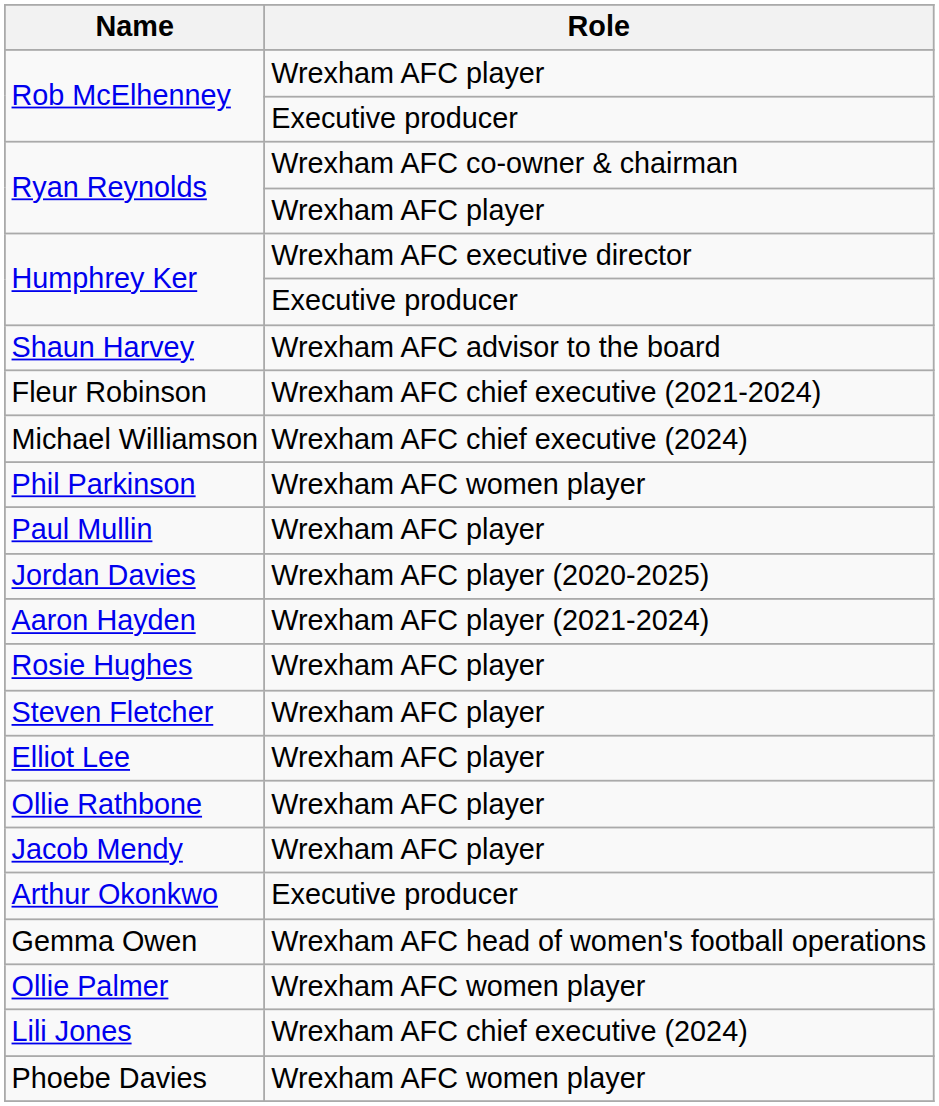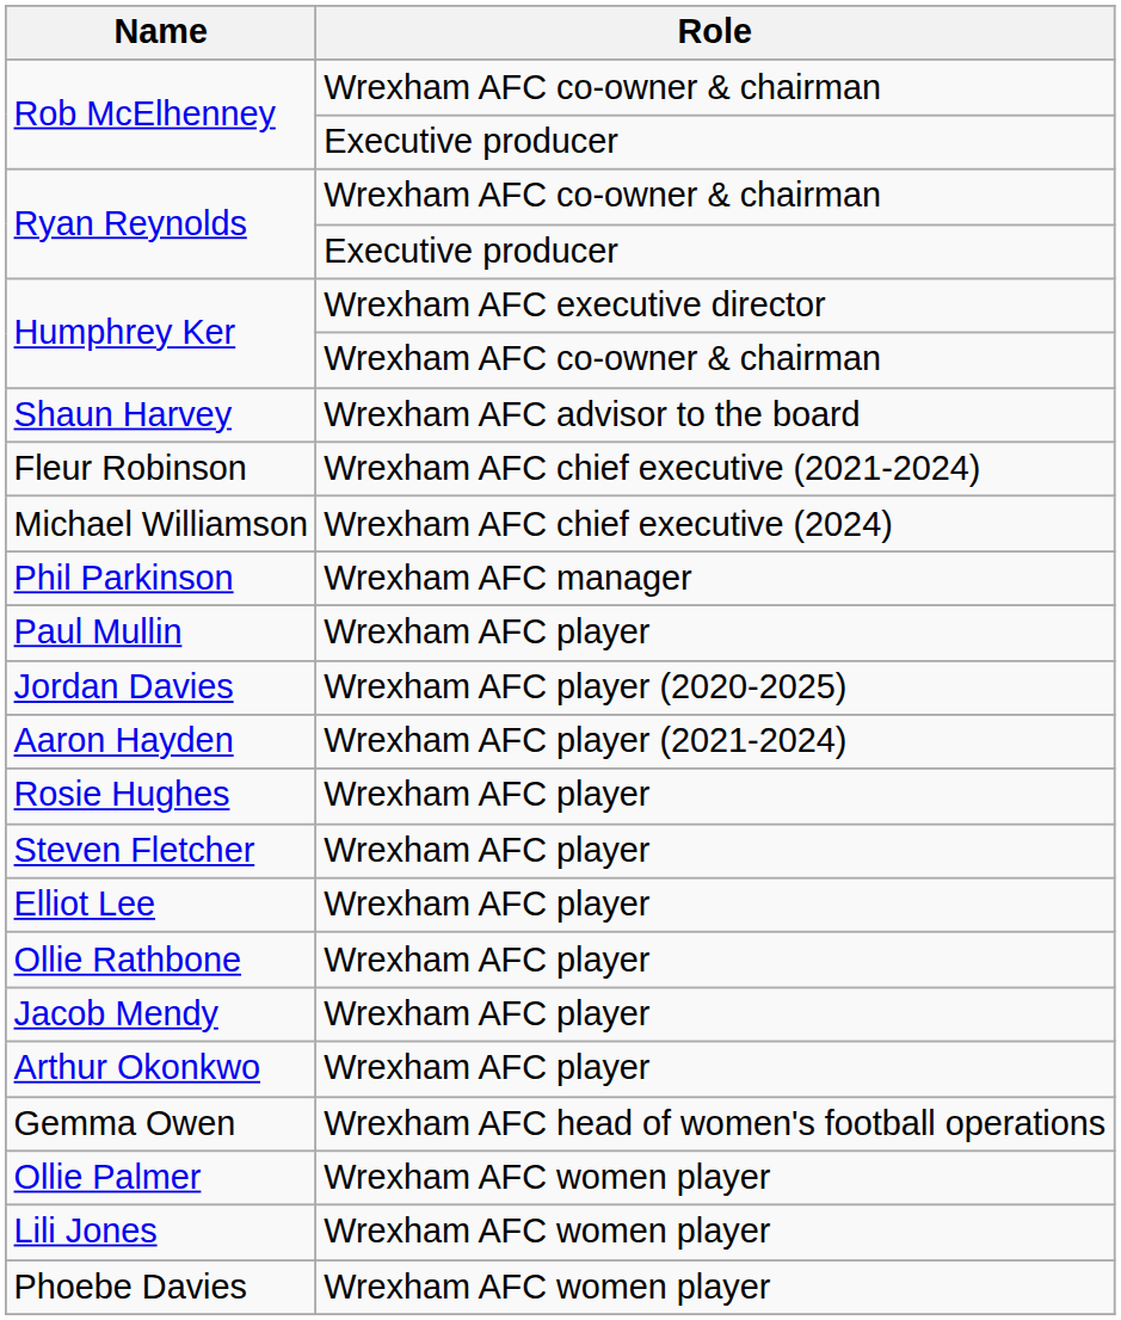 <table class="wikitable" |>
 <tr>
 <th>Name</th>
 <th>Role</th>
 </tr>
 <tr>
 <td rowspan="2" align="left"><a href='#'>Rob McElhenney</a></td>
-<td align="left">Wrexham AFC player</td>
+<td align="left">Wrexham AFC co-owner & chairman</td>
 </tr>
 <tr>
 <td align="left">Executive producer</td>
 </tr>
 <tr>
 <td rowspan="2" align="left"><a href='#'>Ryan Reynolds</a></td>
 <td align="left">Wrexham AFC co-owner & chairman</td>
 </tr>
 <tr>
-<td align="left">Wrexham AFC player</td>
+<td align="left">Executive producer</td>
 </tr>
 <tr>
 <td rowspan="2" align="left"><a href='#'>Humphrey Ker</a></td>
 <td align="left">Wrexham AFC executive director</td>
 </tr>
 <tr>
-<td align="left">Executive producer</td>
+<td align="left">Wrexham AFC co-owner & chairman</td>
 </tr>
 <tr>
 <td align="left"><a href='#'>Shaun Harvey</a></td>
 <td align="left">Wrexham AFC advisor to the board</td>
 </tr>
 <tr>
 <td align="left">Fleur Robinson</td>
 <td align="left">Wrexham AFC chief executive (2021-2024)</td>
 </tr>
 <tr>
 <td align="left">Michael Williamson</td>
 <td align="left">Wrexham AFC chief executive (2024)</td>
 </tr>
 <tr>
 <td align="left"><a href='#'>Phil Parkinson</a></td>
-<td align="left">Wrexham AFC women player</td>
+<td align="left">Wrexham AFC manager</td>
 </tr>
 <tr>
 <td align="left"><a href='#'>Paul Mullin</a></td>
 <td align="left">Wrexham AFC player</td>
 </tr>
 <tr>
 <td align="left"><a href='#'>Jordan Davies</a></td>
 <td align="left">Wrexham AFC player (2020-2025)</td>
 </tr>
 <tr>
 <td align="left"><a href='#'>Aaron Hayden</a></td>
 <td align="left">Wrexham AFC player (2021-2024)</td>
 </tr>
 <tr>
 <td align="left"><a href='#'>Rosie Hughes</a></td>
 <td align="left">Wrexham AFC player</td>
 </tr>
 <tr>
 <td align="left"><a href='#'> Steven Fletcher</a></td>
 <td align="left">Wrexham AFC player</td>
 </tr>
 <tr>
 <td align="left"><a href='#'>Elliot Lee</a></td>
 <td align="left">Wrexham AFC player</td>
 </tr>
 <tr>
 <td align="left"><a href='#'> Ollie Rathbone</a></td>
 <td align="left">Wrexham AFC player</td>
 </tr>
 <tr>
 <td align="left"><a href='#'>Jacob Mendy</a></td>
 <td align="left">Wrexham AFC player</td>
 </tr>
 <tr>
 <td align="left"><a href='#'>Arthur Okonkwo</a></td>
-<td align="left">Executive producer</td>
+<td align="left">Wrexham AFC player</td>
 </tr>
 <tr>
 <td align="left">Gemma Owen</td>
 <td align="left">Wrexham AFC head of women's football operations</td>
 </tr>
 <tr>
 <td align="left"><a href='#'>Ollie Palmer</a></td>
 <td align="left">Wrexham AFC women player</td>
 </tr>
 <tr>
 <td align="left"><a href='#'>Lili Jones</a></td>
-<td align="left">Wrexham AFC chief executive (2024)</td>
+<td align="left">Wrexham AFC women player</td>
 </tr>
 <tr>
 <td align="left">Phoebe Davies</td>
 <td align="left">Wrexham AFC women player</td>
 </tr>
 </table>
